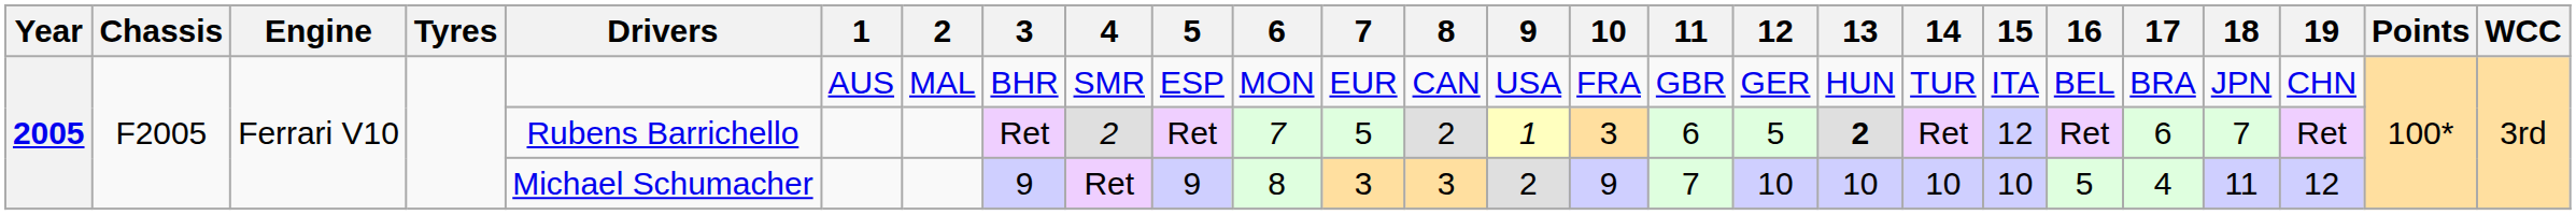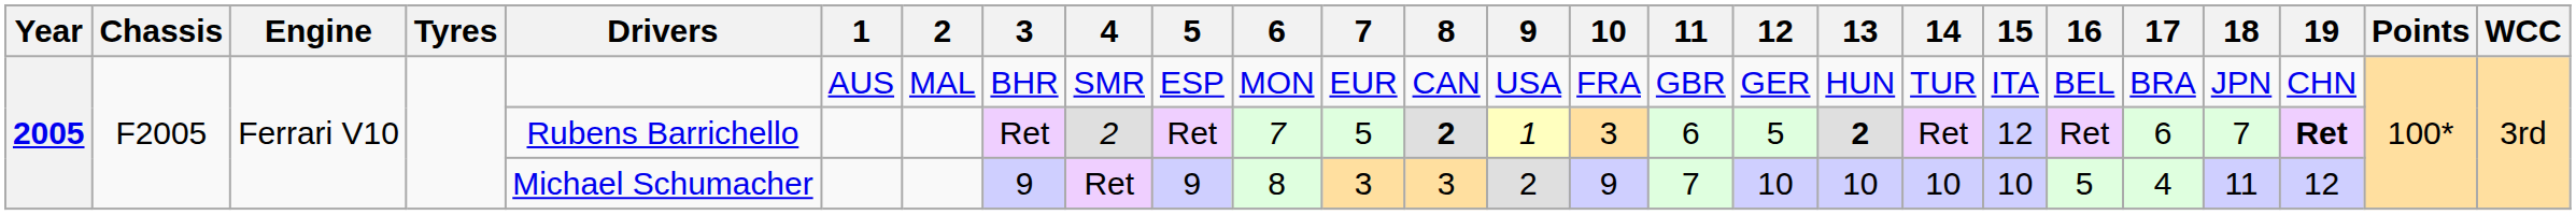 <table class="wikitable" style="text-align:center; font-size:95%">
 <tr>
 <th>Year</th>
 <th>Chassis</th>
 <th>Engine</th>
 <th>Tyres</th>
 <th>Drivers</th>
 <th>1</th>
 <th>2</th>
 <th>3</th>
 <th>4</th>
 <th>5</th>
 <th>6</th>
 <th>7</th>
 <th>8</th>
 <th>9</th>
 <th>10</th>
 <th>11</th>
 <th>12</th>
 <th>13</th>
 <th>14</th>
 <th>15</th>
 <th>16</th>
 <th>17</th>
 <th>18</th>
 <th>19</th>
 <th>Points</th>
 <th>WCC</th>
 </tr>
 <tr>
 <th rowspan="3"><a href='#'>2005</a></th>
 <td rowspan="3">F2005</td>
 <td rowspan="3">Ferrari V10</td>
 <td rowspan="3"></td>
 <td></td>
 <td><a href='#'>AUS</a></td>
 <td><a href='#'>MAL</a></td>
 <td><a href='#'>BHR</a></td>
 <td><a href='#'>SMR</a></td>
 <td><a href='#'>ESP</a></td>
 <td><a href='#'>MON</a></td>
 <td><a href='#'>EUR</a></td>
 <td><a href='#'>CAN</a></td>
 <td><a href='#'>USA</a></td>
 <td><a href='#'>FRA</a></td>
 <td><a href='#'>GBR</a></td>
 <td><a href='#'>GER</a></td>
 <td><a href='#'>HUN</a></td>
 <td><a href='#'>TUR</a></td>
 <td><a href='#'>ITA</a></td>
 <td><a href='#'>BEL</a></td>
 <td><a href='#'>BRA</a></td>
 <td><a href='#'>JPN</a></td>
 <td><a href='#'>CHN</a></td>
 <td style="background:#FFDF9F;" rowspan="3">100*</td>
 <td style="background:#FFDF9F;" rowspan="3">3rd</td>
 </tr>
 <tr>
 <td> <a href='#'>Rubens Barrichello</a></td>
 <td></td>
 <td></td>
 <td style="background:#EFCFFF;">Ret</td>
 <td style="background:#DFDFDF;"><em>2</em></td>
 <td style="background:#EFCFFF;">Ret</td>
 <td style="background:#DFFFDF;"><em>7</em></td>
 <td style="background:#DFFFDF;">5</td>
-<td style="background:#DFDFDF;">2</td>
+<td style="background:#DFDFDF;"><strong>2</strong></td>
 <td style="background:#FFFFBF;"><em>1</em></td>
 <td style="background:#FFDF9F;">3</td>
 <td style="background:#DFFFDF;">6</td>
 <td style="background:#DFFFDF;">5</td>
 <td style="background:#DFDFDF;"><strong>2</strong></td>
 <td style="background:#EFCFFF;">Ret</td>
 <td style="background:#CFCFFF;">12</td>
 <td style="background:#EFCFFF;">Ret</td>
 <td style="background:#DFFFDF;">6</td>
 <td style="background:#DFFFDF;">7</td>
-<td style="background:#EFCFFF;">Ret</td>
+<td style="background:#EFCFFF;"><strong>Ret</strong></td>
 </tr>
 <tr>
 <td> <a href='#'>Michael Schumacher</a></td>
 <td></td>
 <td></td>
 <td style="background:#CFCFFF;">9</td>
 <td style="background:#EFCFFF;">Ret</td>
 <td style="background:#CFCFFF;">9</td>
 <td style="background:#DFFFDF;">8</td>
 <td style="background:#FFDF9F;">3</td>
 <td style="background:#FFDF9F;">3</td>
 <td style="background:#DFDFDF;">2</td>
 <td style="background:#CFCFFF;">9</td>
 <td style="background:#DFFFDF;">7</td>
 <td style="background:#CFCFFF;">10</td>
 <td style="background:#CFCFFF;">10</td>
 <td style="background:#CFCFFF;">10</td>
 <td style="background:#CFCFFF;">10</td>
 <td style="background:#DFFFDF;">5</td>
 <td style="background:#DFFFDF;">4</td>
 <td style="background:#CFCFFF;">11</td>
 <td style="background:#CFCFFF;">12</td>
 </tr>
 </table>
